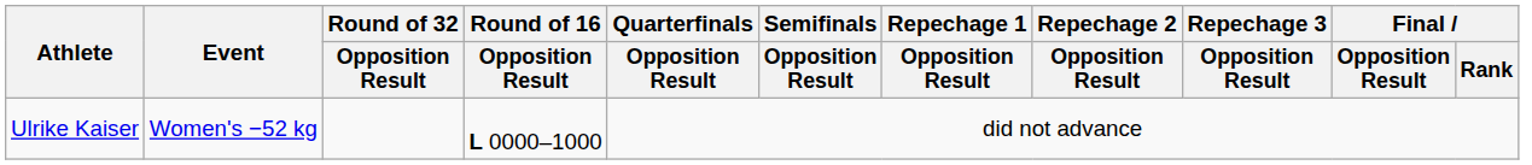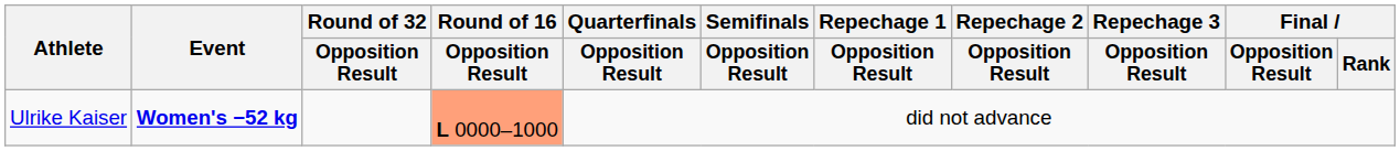 <table class="wikitable" style="font-size:90%">
 <tr>
 <th rowspan="2">Athlete</th>
 <th rowspan="2">Event</th>
 <th>Round of 32</th>
 <th>Round of 16</th>
 <th>Quarterfinals</th>
 <th>Semifinals</th>
 <th>Repechage 1</th>
 <th>Repechage 2</th>
 <th>Repechage 3</th>
 <th colspan=2>Final / </th>
 </tr>
 <tr style="font-size:95%">
 <th>Opposition<br>Result</th>
 <th>Opposition<br>Result</th>
 <th>Opposition<br>Result</th>
 <th>Opposition<br>Result</th>
 <th>Opposition<br>Result</th>
 <th>Opposition<br>Result</th>
 <th>Opposition<br>Result</th>
 <th>Opposition<br>Result</th>
 <th>Rank</th>
 </tr>
 <tr align=center>
 <td align=left><a href='#'>Ulrike Kaiser</a></td>
-<td align=left><a href='#'>Women's −52 kg</a></td>
+<td align=left><strong><a href='#'>Women's −52 kg</a></strong></td>
 <td></td>
-<td><br><strong>L</strong> 0000–1000</td>
+<td style="background: lightsalmon;"><br><strong>L</strong> 0000–1000</td>
 <td colspan=7>did not advance</td>
 </tr>
 </table>
